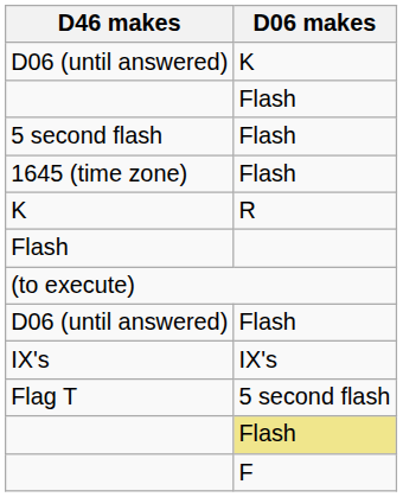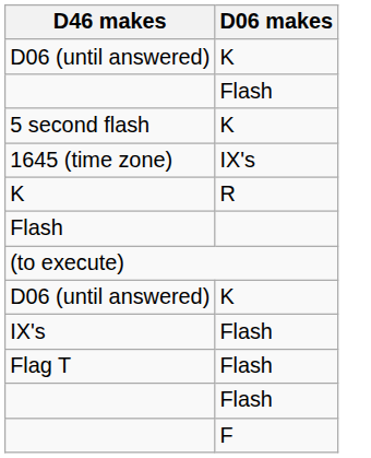 <table class="wikitable">
 <tr>
 <th>D46 makes</th>
 <th>D06 makes</th>
 </tr>
 <tr>
 <td>D06 (until answered)</td>
 <td>K</td>
 </tr>
 <tr>
 <td></td>
 <td>Flash</td>
 </tr>
 <tr>
 <td>5 second flash</td>
-<td>Flash</td>
+<td>K</td>
 </tr>
 <tr>
 <td>1645 (time zone)</td>
-<td>Flash</td>
+<td>IX's</td>
 </tr>
 <tr>
 <td>K</td>
 <td>R</td>
 </tr>
 <tr>
 <td>Flash</td>
 <td></td>
 </tr>
 <tr>
 <td colspan="2">(to execute)</td>
 </tr>
 <tr>
 <td>D06 (until answered)</td>
+<td>K</td>
+</tr>
+<tr>
+<td>IX's</td>
 <td>Flash</td>
 </tr>
 <tr>
-<td>IX's</td>
-<td>IX's</td>
-</tr>
-<tr>
 <td>Flag T</td>
-<td>5 second flash</td>
+<td>Flash</td>
 </tr>
 <tr>
 <td></td>
-<td style="background: khaki;">Flash</td>
+<td>Flash</td>
 </tr>
 <tr>
 <td></td>
 <td>F</td>
 </tr>
 </table>
